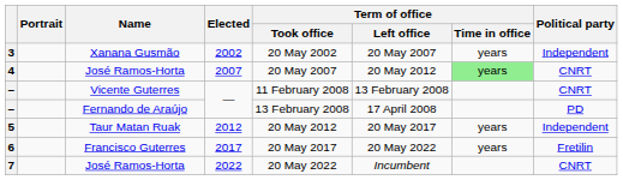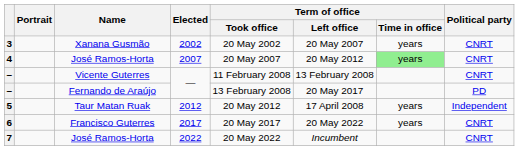 <table class="wikitable" style="text-align:center">
 <tr>
 <th rowspan="2"></th>
 <th rowspan="2">Portrait</th>
 <th rowspan="2" width="180">Name<br></th>
 <th rowspan="2">Elected</th>
 <th colspan="3">Term of office</th>
 <th rowspan="2">Political party</th>
 </tr>
 <tr>
 <th>Took office</th>
 <th>Left office</th>
 <th>Time in office</th>
 </tr>
 <tr>
 <th style="background:">3</th>
 <td></td>
 <td><a href='#'>Xanana Gusmão</a><br></td>
 <td><a href='#'>2002</a></td>
 <td>20 May 2002</td>
 <td>20 May 2007</td>
 <td> years</td>
-<td><a href='#'>Independent</a></td>
+<td><a href='#'>CNRT</a></td>
 </tr>
 <tr>
 <th style="background:">4</th>
 <td></td>
 <td><a href='#'>José Ramos-Horta</a><br></td>
 <td><a href='#'>2007</a></td>
 <td>20 May 2007</td>
 <td>20 May 2012</td>
 <td style="background: lightgreen;"> years</td>
 <td><a href='#'>CNRT</a></td>
 </tr>
 <tr>
 <th style="background:">–</th>
 <td></td>
 <td><a href='#'>Vicente Guterres</a><br></td>
 <td rowspan="2">—</td>
 <td>11 February 2008</td>
 <td>13 February 2008</td>
 <td></td>
 <td><a href='#'>CNRT</a></td>
 </tr>
 <tr>
 <th style="background:">–</th>
 <td></td>
 <td><a href='#'>Fernando de Araújo</a><br></td>
 <td>13 February 2008</td>
-<td>17 April 2008</td>
+<td>20 May 2017</td>
 <td></td>
 <td><a href='#'>PD</a></td>
 </tr>
 <tr>
 <th style="background:">5</th>
 <td></td>
 <td><a href='#'>Taur Matan Ruak</a><br></td>
 <td><a href='#'>2012</a></td>
 <td>20 May 2012</td>
-<td>20 May 2017</td>
+<td>17 April 2008</td>
 <td> years</td>
 <td><a href='#'>Independent</a></td>
 </tr>
 <tr>
 <th style="background:">6</th>
 <td></td>
 <td><a href='#'>Francisco Guterres</a><br></td>
 <td><a href='#'>2017</a></td>
 <td>20 May 2017</td>
 <td>20 May 2022</td>
 <td> years</td>
-<td><a href='#'>Fretilin</a></td>
+<td><a href='#'>CNRT</a></td>
 </tr>
 <tr>
 <th style="background:">7</th>
 <td></td>
 <td><a href='#'>José Ramos-Horta</a><br></td>
 <td><a href='#'>2022</a></td>
 <td>20 May 2022</td>
 <td><em>Incumbent</em></td>
 <td></td>
 <td><a href='#'>CNRT</a></td>
 </tr>
 </table>
